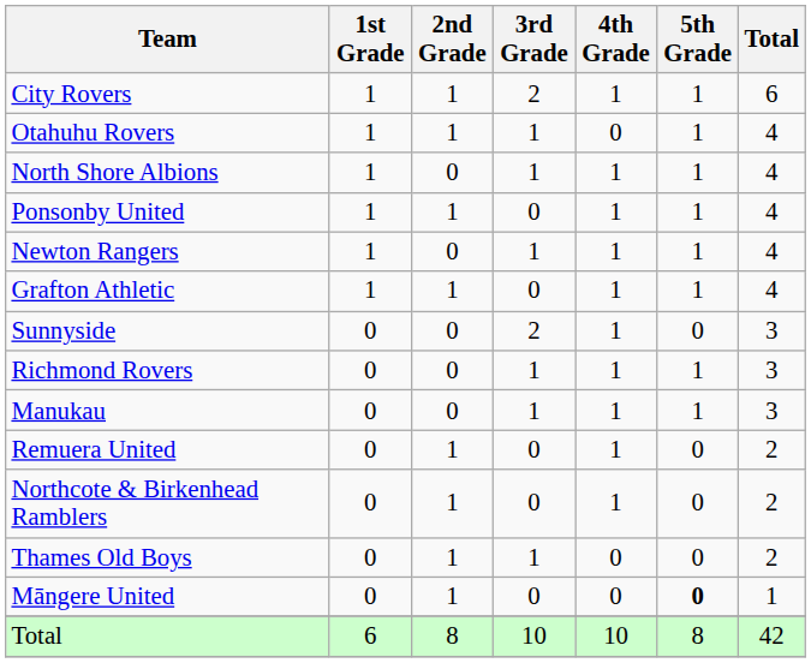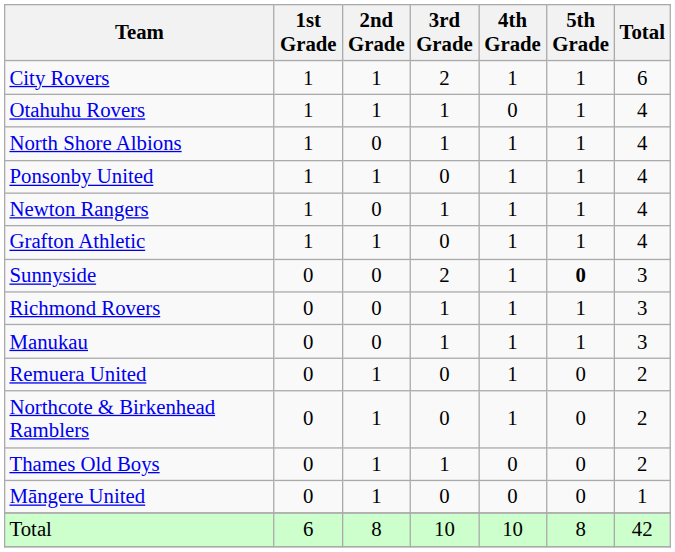 <table class="wikitable" style="text-align:center;">
 <tr>
 <th width=200>Team</th>
 <th width=45 abbr="1st Grade">1st Grade</th>
 <th width=45 abbr="2nd Grade">2nd Grade</th>
 <th width=45 abbr="3rd Grade">3rd Grade</th>
 <th width=45 abbr="4th Grade">4th Grade</th>
 <th width=45 abbr="5th Grade">5th Grade</th>
 <th width=30 abbr="Total">Total</th>
 </tr>
 <tr>
 <td style="text-align:left;"><a href='#'>City Rovers</a></td>
 <td>1</td>
 <td>1</td>
 <td>2</td>
 <td>1</td>
 <td>1</td>
 <td>6</td>
 </tr>
 <tr>
 <td style="text-align:left;"><a href='#'>Otahuhu Rovers</a></td>
 <td>1</td>
 <td>1</td>
 <td>1</td>
 <td>0</td>
 <td>1</td>
 <td>4</td>
 </tr>
 <tr>
 <td style="text-align:left;"><a href='#'>North Shore Albions</a></td>
 <td>1</td>
 <td>0</td>
 <td>1</td>
 <td>1</td>
 <td>1</td>
 <td>4</td>
 </tr>
 <tr>
 <td style="text-align:left;"><a href='#'>Ponsonby United</a></td>
 <td>1</td>
 <td>1</td>
 <td>0</td>
 <td>1</td>
 <td>1</td>
 <td>4</td>
 </tr>
 <tr>
 <td style="text-align:left;"><a href='#'>Newton Rangers</a></td>
 <td>1</td>
 <td>0</td>
 <td>1</td>
 <td>1</td>
 <td>1</td>
 <td>4</td>
 </tr>
 <tr>
 <td style="text-align:left;"><a href='#'>Grafton Athletic</a></td>
 <td>1</td>
 <td>1</td>
 <td>0</td>
 <td>1</td>
 <td>1</td>
 <td>4</td>
 </tr>
 <tr>
 <td style="text-align:left;"><a href='#'>Sunnyside</a></td>
 <td>0</td>
 <td>0</td>
 <td>2</td>
 <td>1</td>
-<td>0</td>
+<td><strong>0</strong></td>
 <td>3</td>
 </tr>
 <tr>
 <td style="text-align:left;"><a href='#'>Richmond Rovers</a></td>
 <td>0</td>
 <td>0</td>
 <td>1</td>
 <td>1</td>
 <td>1</td>
 <td>3</td>
 </tr>
 <tr>
 <td style="text-align:left;"><a href='#'>Manukau</a></td>
 <td>0</td>
 <td>0</td>
 <td>1</td>
 <td>1</td>
 <td>1</td>
 <td>3</td>
 </tr>
 <tr>
 <td style="text-align:left;"><a href='#'>Remuera United</a></td>
 <td>0</td>
 <td>1</td>
 <td>0</td>
 <td>1</td>
 <td>0</td>
 <td>2</td>
 </tr>
 <tr>
 <td style="text-align:left;"><a href='#'>Northcote & Birkenhead Ramblers</a></td>
 <td>0</td>
 <td>1</td>
 <td>0</td>
 <td>1</td>
 <td>0</td>
 <td>2</td>
 </tr>
 <tr>
 <td style="text-align:left;"><a href='#'>Thames Old Boys</a></td>
 <td>0</td>
 <td>1</td>
 <td>1</td>
 <td>0</td>
 <td>0</td>
 <td>2</td>
 </tr>
 <tr>
 <td style="text-align:left;"><a href='#'>Māngere United</a></td>
 <td>0</td>
 <td>1</td>
 <td>0</td>
 <td>0</td>
-<td><strong>0</strong></td>
+<td>0</td>
 <td>1</td>
 </tr>
 <tr>
 </tr>
 <tr style="background: #ccffcc;">
 <td style="text-align:left;">Total</td>
 <td>6</td>
 <td>8</td>
 <td>10</td>
 <td>10</td>
 <td>8</td>
 <td>42</td>
 </tr>
 <tr>
 </tr>
 </table>
